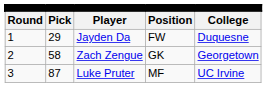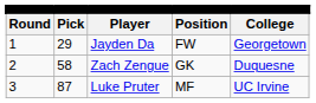 <table class="wikitable sortable" style="text-align:center; font-size:90%; text-align:left;">
 <tr style="border-spacing: 2px; border: 2px solid black;">
 <td colspan="7" bgcolor="#000000" color="#000000" border="#FED000" align="center"><strong></strong></td>
 </tr>
 <tr>
 <th><strong>Round</strong></th>
 <th><strong>Pick</strong></th>
 <th><strong>Player</strong></th>
 <th><strong>Position</strong></th>
 <th><strong>College</strong></th>
 </tr>
 <tr>
 <td>1</td>
 <td>29</td>
 <td> <a href='#'>Jayden Da</a></td>
 <td>FW</td>
-<td><a href='#'>Duquesne</a></td>
+<td><a href='#'>Georgetown</a></td>
 </tr>
 <tr>
 <td>2</td>
 <td>58</td>
 <td> <a href='#'>Zach Zengue</a></td>
 <td>GK</td>
-<td><a href='#'>Georgetown</a></td>
+<td><a href='#'>Duquesne</a></td>
 </tr>
 <tr>
 <td>3</td>
 <td>87</td>
 <td> <a href='#'>Luke Pruter</a></td>
 <td>MF</td>
 <td><a href='#'>UC Irvine</a></td>
 </tr>
 </table>
